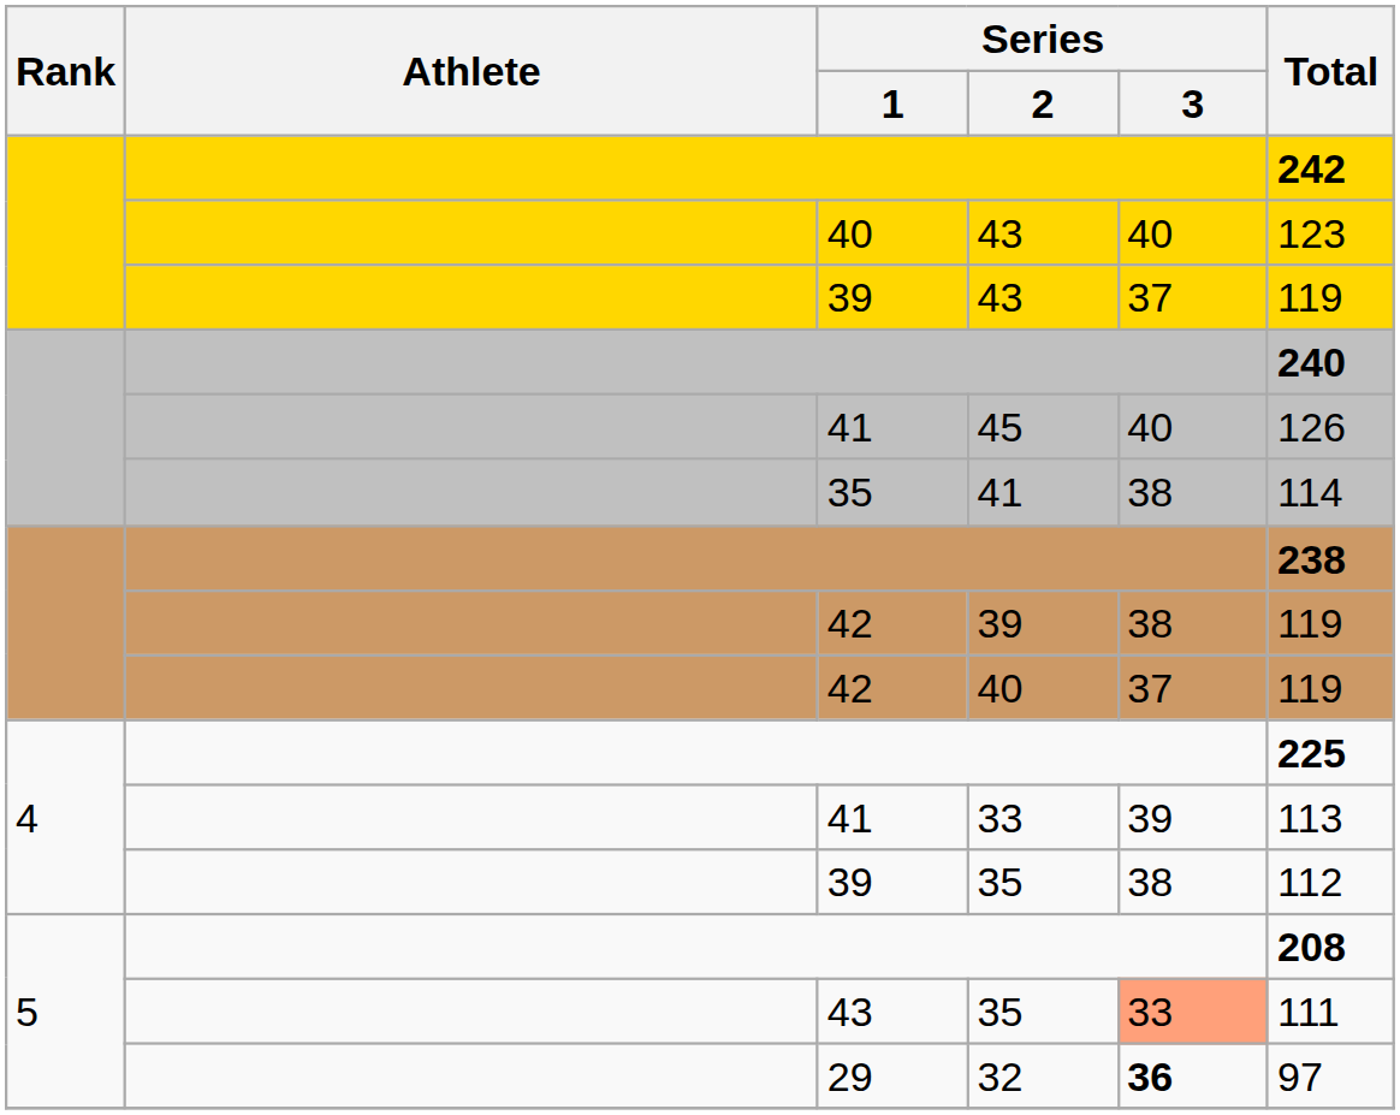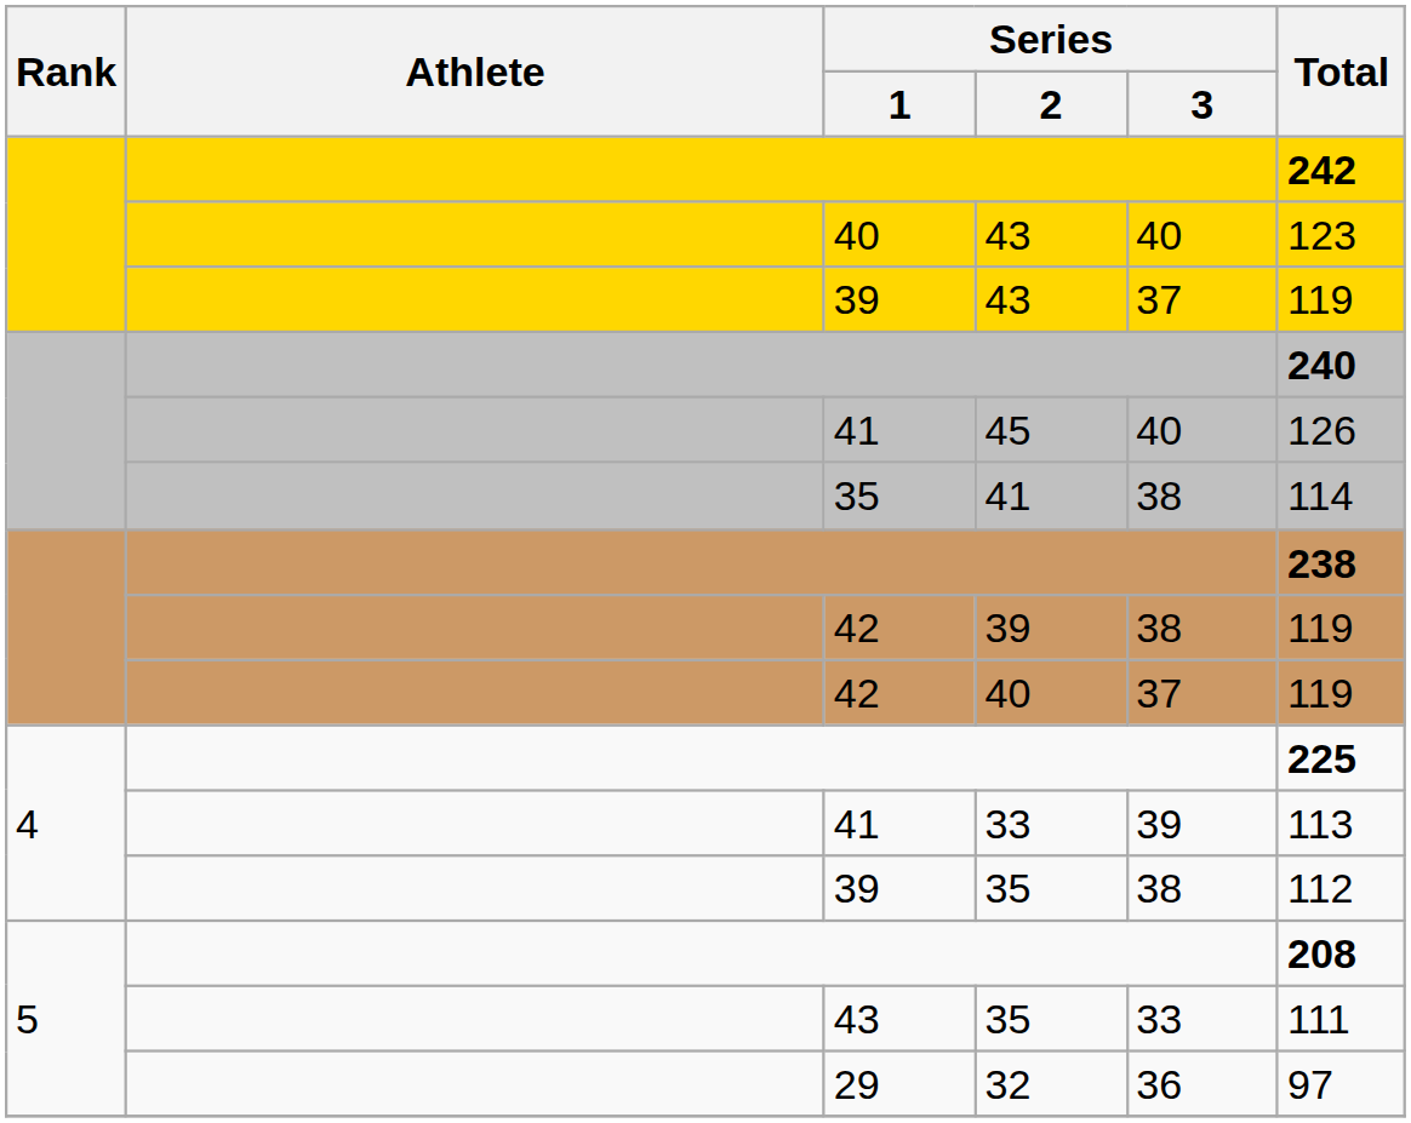 <table class="wikitable" style="font-size:95%" style="width:35em;" style="text-align:center">
 <tr>
 <th rowspan=2>Rank</th>
 <th rowspan=2 width=250>Athlete</th>
 <th colspan=3 width=160>Series</th>
 <th rowspan=2 width=40>Total</th>
 </tr>
 <tr>
 <th>1</th>
 <th>2</th>
 <th>3</th>
 </tr>
 <tr bgcolor=gold>
 <td rowspan=3></td>
 <td colspan=4 align=left></td>
 <td><strong>242</strong></td>
 </tr>
 <tr bgcolor=gold>
 <td align=left></td>
 <td>40</td>
 <td>43</td>
 <td>40</td>
 <td>123</td>
 </tr>
 <tr bgcolor=gold>
 <td align=left></td>
 <td>39</td>
 <td>43</td>
 <td>37</td>
 <td>119</td>
 </tr>
 <tr bgcolor=silver>
 <td rowspan=3></td>
 <td colspan=4 align=left></td>
 <td><strong>240</strong></td>
 </tr>
 <tr bgcolor=silver>
 <td align=left></td>
 <td>41</td>
 <td>45</td>
 <td>40</td>
 <td>126</td>
 </tr>
 <tr bgcolor=silver>
 <td align=left></td>
 <td>35</td>
 <td>41</td>
 <td>38</td>
 <td>114</td>
 </tr>
 <tr bgcolor=cc9966>
 <td rowspan=3></td>
 <td colspan=4 align=left></td>
 <td><strong>238</strong></td>
 </tr>
 <tr bgcolor=cc9966>
 <td align=left></td>
 <td>42</td>
 <td>39</td>
 <td>38</td>
 <td>119</td>
 </tr>
 <tr bgcolor=cc9966>
 <td align=left></td>
 <td>42</td>
 <td>40</td>
 <td>37</td>
 <td>119</td>
 </tr>
 <tr>
 <td rowspan=3>4</td>
 <td colspan=4 align=left></td>
 <td><strong>225</strong></td>
 </tr>
 <tr>
 <td align=left></td>
 <td>41</td>
 <td>33</td>
 <td>39</td>
 <td>113</td>
 </tr>
 <tr>
 <td align=left></td>
 <td>39</td>
 <td>35</td>
 <td>38</td>
 <td>112</td>
 </tr>
 <tr>
 <td rowspan=3>5</td>
 <td colspan=4 align=left></td>
 <td><strong>208</strong></td>
 </tr>
 <tr>
 <td align=left></td>
 <td>43</td>
 <td>35</td>
-<td style="background: lightsalmon;">33</td>
+<td>33</td>
 <td>111</td>
 </tr>
 <tr>
 <td align=left></td>
 <td>29</td>
 <td>32</td>
-<td><strong>36</strong></td>
+<td>36</td>
 <td>97</td>
 </tr>
 <tr>
 </tr>
 </table>
